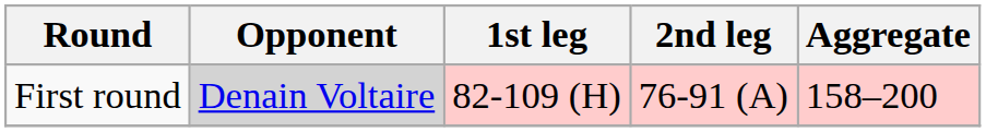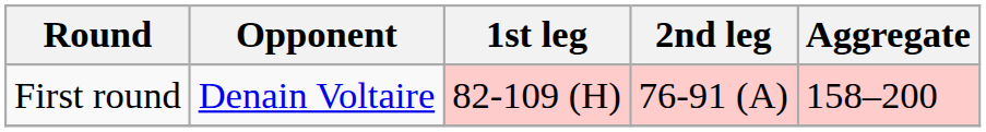 <table class="wikitable">
 <tr>
 <th>Round</th>
 <th>Opponent</th>
 <th>1st leg</th>
 <th>2nd leg</th>
 <th>Aggregate</th>
 </tr>
 <tr>
 <td>First round</td>
-<td style="background: lightgrey;"> <a href='#'>Denain Voltaire</a></td>
+<td> <a href='#'>Denain Voltaire</a></td>
 <td style="background:#ffcccc;">82-109 (H)</td>
 <td style="background:#ffcccc;">76-91 (A)</td>
 <td style="background:#ffcccc;">158–200</td>
 </tr>
 <tr>
 </tr>
 </table>
